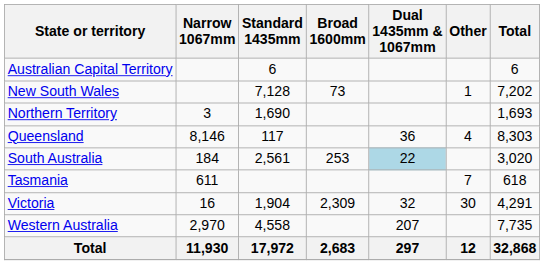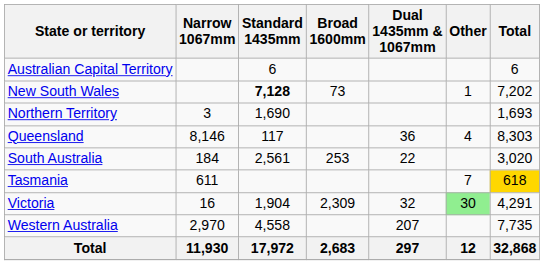 <table class="wikitable sortable">
 <tr>
 <th>State or territory</th>
 <th>Narrow <br> 1067mm</th>
 <th>Standard <br> 1435mm</th>
 <th>Broad <br> 1600mm</th>
 <th>Dual <br> 1435mm & <br> 1067mm</th>
 <th>Other</th>
 <th>Total</th>
 </tr>
 <tr>
 <td><a href='#'>Australian Capital Territory</a></td>
 <td align=center></td>
 <td align=center>6</td>
 <td align=center></td>
 <td align=center></td>
 <td align=center></td>
 <td align=center>6</td>
 </tr>
 <tr>
 <td><a href='#'>New South Wales</a></td>
 <td align=center></td>
-<td align=center>7,128</td>
+<td align=center><strong>7,128</strong></td>
 <td align=center>73</td>
 <td align=center></td>
 <td align=center>1</td>
 <td align=center>7,202</td>
 </tr>
 <tr>
 <td><a href='#'>Northern Territory</a></td>
 <td align=center>3</td>
 <td align=center>1,690</td>
 <td align=center></td>
 <td align=center></td>
 <td align=center></td>
 <td align=center>1,693</td>
 </tr>
 <tr>
 <td><a href='#'>Queensland</a></td>
 <td align=center>8,146</td>
 <td align=center>117</td>
 <td align=center></td>
 <td align=center>36</td>
 <td align=center>4</td>
 <td align=center>8,303</td>
 </tr>
 <tr>
 <td><a href='#'>South Australia</a></td>
 <td align=center>184</td>
 <td align=center>2,561</td>
 <td align=center>253</td>
-<td align=center style="background: lightblue;">22</td>
+<td align=center>22</td>
 <td align=center></td>
 <td align=center>3,020</td>
 </tr>
 <tr>
 <td><a href='#'>Tasmania</a></td>
 <td align=center>611</td>
 <td align=center></td>
 <td align=center></td>
 <td align=center></td>
 <td align=center>7</td>
-<td align=center>618</td>
+<td align=center style="background: gold;">618</td>
 </tr>
 <tr>
 <td><a href='#'>Victoria</a></td>
 <td align=center>16</td>
 <td align=center>1,904</td>
 <td align=center>2,309</td>
 <td align=center>32</td>
-<td align=center>30</td>
+<td align=center style="background: lightgreen;">30</td>
 <td align=center>4,291</td>
 </tr>
 <tr>
 <td><a href='#'>Western Australia</a></td>
 <td align=center>2,970</td>
 <td align=center>4,558</td>
 <td align=center></td>
 <td align=center>207</td>
 <td align=center></td>
 <td align=center>7,735</td>
 </tr>
 <tr>
 <th>Total</th>
 <th align=center>11,930</th>
 <th align=center>17,972</th>
 <th align=center>2,683</th>
 <th align=center>297</th>
 <th align=center>12</th>
 <th align=center>32,868</th>
 </tr>
 <tr>
 </tr>
 </table>
